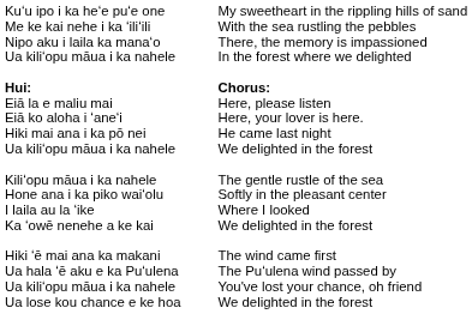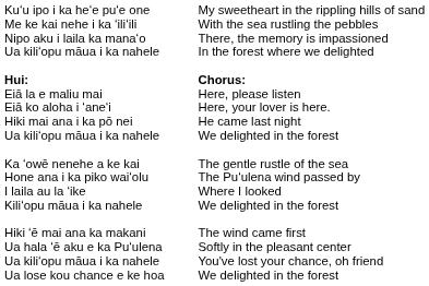 <table cellpadding=0 cellspacing=0>
 <tr>
 <td>Kuʻu ipo i ka heʻe puʻe one</td>
 <td>My sweetheart in the rippling hills of sand</td>
 </tr>
 <tr>
 <td>Me ke kai nehe i ka ʻiliʻili</td>
 <td>With the sea rustling the pebbles</td>
 </tr>
 <tr>
 <td>Nipo aku i laila ka manaʻo</td>
 <td>There, the memory is impassioned</td>
 </tr>
 <tr>
 <td>Ua kiliʻopu māua i ka nahele</td>
 <td>In the forest where we delighted</td>
 </tr>
 <tr>
 <td width="250px"> </td>
 <td width="300px"> </td>
 </tr>
 <tr>
 <td><strong>Hui:</strong></td>
 <td><strong>Chorus:</strong></td>
 </tr>
 <tr>
 <td>Eiā la e maliu mai</td>
 <td>Here, please listen</td>
 </tr>
 <tr>
 <td>Eiā ko aloha i ʻaneʻi</td>
 <td>Here, your lover is here.</td>
 </tr>
 <tr>
 <td>Hiki mai ana i ka pō nei</td>
 <td>He came last night</td>
 </tr>
 <tr>
 <td>Ua kiliʻopu māua i ka nahele</td>
 <td>We delighted in the forest</td>
 </tr>
 <tr>
 <td> </td>
 <td> </td>
 </tr>
 <tr>
-<td>Kiliʻopu māua i ka nahele</td>
+<td>Ka ʻowē nenehe a ke kai</td>
 <td>The gentle rustle of the sea</td>
 </tr>
 <tr>
 <td>Hone ana i ka piko waiʻolu</td>
-<td>Softly in the pleasant center</td>
+<td>The Puʻulena wind passed by</td>
 </tr>
 <tr>
 <td>I laila au la ʻike</td>
 <td>Where I looked</td>
 </tr>
 <tr>
-<td>Ka ʻowē nenehe a ke kai</td>
+<td>Kiliʻopu māua i ka nahele</td>
 <td>We delighted in the forest</td>
 </tr>
 <tr>
 <td> </td>
 <td> </td>
 </tr>
 <tr>
 <td>Hiki ʻē mai ana ka makani</td>
 <td>The wind came first</td>
 </tr>
 <tr>
 <td>Ua hala ʻē aku e ka Puʻulena</td>
-<td>The Puʻulena wind passed by</td>
+<td>Softly in the pleasant center</td>
 </tr>
 <tr>
 <td>Ua kiliʻopu māua i ka nahele</td>
 <td>You've lost your chance, oh friend</td>
 </tr>
 <tr>
 <td>Ua lose kou chance e ke hoa</td>
 <td>We delighted in the forest</td>
 </tr>
 </table>
